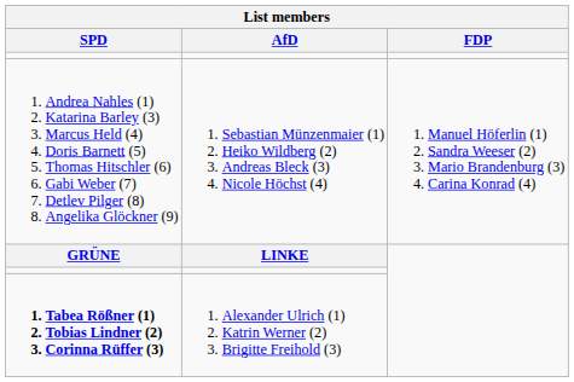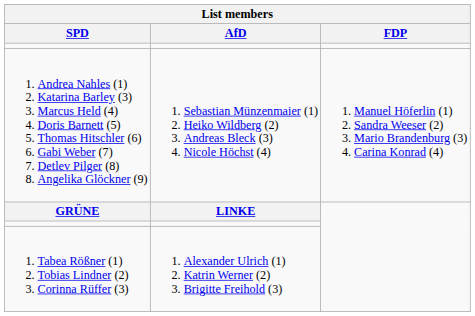 <table class=wikitable>
 <tr>
 <th colspan=3>List members</th>
 </tr>
 <tr>
 <th><a href='#'>SPD</a></th>
 <th><a href='#'>AfD</a></th>
 <th><a href='#'>FDP</a></th>
 </tr>
 <tr>
 <td bgcolor=></td>
 <td bgcolor=></td>
 <td bgcolor=></td>
 </tr>
 <tr>
 <td><br><ol><li><a href='#'>Andrea Nahles</a> (1)</li><li><a href='#'>Katarina Barley</a> (3)</li><li><a href='#'>Marcus Held</a> (4)</li><li><a href='#'>Doris Barnett</a> (5)</li><li><a href='#'>Thomas Hitschler</a> (6)</li><li><a href='#'>Gabi Weber</a> (7)</li><li><a href='#'>Detlev Pilger</a> (8)</li><li><a href='#'>Angelika Glöckner</a> (9)</li></ol></td>
 <td><br><ol><li><a href='#'>Sebastian Münzenmaier</a> (1)</li><li><a href='#'>Heiko Wildberg</a> (2)</li><li><a href='#'>Andreas Bleck</a> (3)</li><li><a href='#'>Nicole Höchst</a> (4)</li></ol></td>
 <td><br><ol><li><a href='#'>Manuel Höferlin</a> (1)</li><li><a href='#'>Sandra Weeser</a> (2)</li><li><a href='#'>Mario Brandenburg</a> (3)</li><li><a href='#'>Carina Konrad</a> (4)</li></ol></td>
 </tr>
 <tr>
 <th><a href='#'>GRÜNE</a></th>
 <th><a href='#'>LINKE</a></th>
 </tr>
 <tr>
 <td bgcolor=></td>
 <td bgcolor=></td>
 </tr>
 <tr>
-<td><strong><br><ol><li><a href='#'>Tabea Rößner</a> (1)</li><li><a href='#'>Tobias Lindner</a> (2)</li><li><a href='#'>Corinna Rüffer</a> (3)</li></ol></strong></td>
+<td><br><ol><li><a href='#'>Tabea Rößner</a> (1)</li><li><a href='#'>Tobias Lindner</a> (2)</li><li><a href='#'>Corinna Rüffer</a> (3)</li></ol></td>
 <td><br><ol><li><a href='#'>Alexander Ulrich</a> (1)</li><li><a href='#'>Katrin Werner</a> (2)</li><li><a href='#'>Brigitte Freihold</a> (3)</li></ol></td>
 </tr>
 </table>
